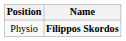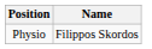 <table class="wikitable" style="text-align: center;">
 <tr>
 <th>Position</th>
 <th>Name</th>
 </tr>
 <tr>
 <td>Physio</td>
-<td style="text-align:left;"><strong>Filippos Skordos</strong></td>
+<td style="text-align:left;">Filippos Skordos</td>
 </tr>
 </table>
